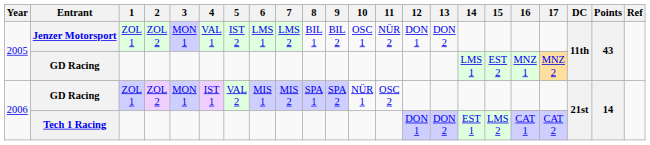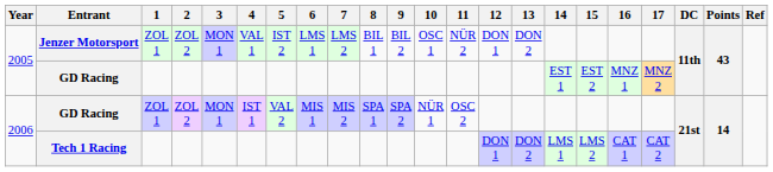 <table class="wikitable" style="text-align:center; font-size:85%">
 <tr>
 <th>Year</th>
 <th>Entrant</th>
 <th>1</th>
 <th>2</th>
 <th>3</th>
 <th>4</th>
 <th>5</th>
 <th>6</th>
 <th>7</th>
 <th>8</th>
 <th>9</th>
 <th>10</th>
 <th>11</th>
 <th>12</th>
 <th>13</th>
 <th>14</th>
 <th>15</th>
 <th>16</th>
 <th>17</th>
 <th>DC</th>
 <th>Points</th>
 <th>Ref</th>
 </tr>
 <tr>
 <td rowspan=2><a href='#'>2005</a></td>
 <th nowrap><a href='#'>Jenzer Motorsport</a></th>
 <td style="background:#DFFFDF;"><a href='#'>ZOL<br>1</a><br></td>
 <td style="background:#DFFFDF;"><a href='#'>ZOL<br>2</a><br></td>
 <td style="background:#CFCFFF;"><a href='#'>MON<br>1</a><br></td>
 <td style="background:#DFFFDF;"><a href='#'>VAL<br>1</a><br></td>
 <td style="background:#DFFFDF;"><a href='#'>IST<br>2</a><br></td>
 <td style="background:#DFFFDF;"><a href='#'>LMS<br>1</a><br></td>
 <td style="background:#DFFFDF;"><a href='#'>LMS<br>2</a><br></td>
 <td><a href='#'>BIL<br>1</a></td>
 <td><a href='#'>BIL<br>2</a></td>
 <td><a href='#'>OSC<br>1</a></td>
 <td><a href='#'>NÜR<br>2</a></td>
 <td><a href='#'>DON<br>1</a></td>
 <td><a href='#'>DON<br>2</a></td>
 <td></td>
 <td></td>
 <td></td>
 <td></td>
 <th rowspan=2>11th</th>
 <th rowspan=2>43</th>
 <td rowspan="2"></td>
 </tr>
 <tr>
 <th nowrap>GD Racing</th>
 <td></td>
 <td></td>
 <td></td>
 <td></td>
 <td></td>
 <td></td>
 <td></td>
 <td></td>
 <td></td>
 <td></td>
 <td></td>
 <td></td>
 <td></td>
-<td style="background:#DFFFDF;"><a href='#'>LMS<br>1</a><br></td>
+<td style="background:#DFFFDF;"><a href='#'>EST<br>1</a><br></td>
 <td style="background:#DFFFDF;"><a href='#'>EST<br>2</a><br></td>
 <td style="background:#DFFFDF;"><a href='#'>MNZ<br>1</a><br></td>
 <td style="background:#FFDF9F;"><a href='#'>MNZ<br>2</a><br></td>
 </tr>
 <tr>
 <td rowspan=2><a href='#'>2006</a></td>
 <th nowrap>GD Racing</th>
 <td style="background:#CFCFFF;"><a href='#'>ZOL<br>1</a><br></td>
 <td style="background:#EFCFFF;"><a href='#'>ZOL<br>2</a><br></td>
 <td style="background:#CFCFFF;"><a href='#'>MON<br>1</a><br></td>
 <td style="background:#EFCFFF;"><a href='#'>IST<br>1</a><br></td>
 <td style="background:#DFFFDF;"><a href='#'>VAL<br>2</a><br></td>
 <td style="background:#CFCFFF;"><a href='#'>MIS<br>1</a><br></td>
 <td style="background:#CFCFFF;"><a href='#'>MIS<br>2</a><br></td>
 <td style="background:#CFCFFF;"><a href='#'>SPA<br>1</a><br></td>
 <td style="background:#CFCFFF;"><a href='#'>SPA<br>2</a><br></td>
 <td><a href='#'>NÜR<br>1</a></td>
 <td><a href='#'>OSC<br>2</a></td>
 <td></td>
 <td></td>
 <td></td>
 <td></td>
 <td></td>
 <td></td>
 <th rowspan=2>21st</th>
 <th rowspan=2>14</th>
 <td rowspan="2"></td>
 </tr>
 <tr>
 <th nowrap><a href='#'>Tech 1 Racing</a></th>
 <td></td>
 <td></td>
 <td></td>
 <td></td>
 <td></td>
 <td></td>
 <td></td>
 <td></td>
 <td></td>
 <td></td>
 <td></td>
 <td style="background:#CFCFFF;"><a href='#'>DON<br>1</a><br></td>
 <td style="background:#CFCFFF;"><a href='#'>DON<br>2</a><br></td>
-<td style="background:#DFFFDF;"><a href='#'>EST<br>1</a><br></td>
+<td style="background:#DFFFDF;"><a href='#'>LMS<br>1</a><br></td>
 <td style="background:#DFFFDF;"><a href='#'>LMS<br>2</a><br></td>
 <td style="background:#CFCFFF;"><a href='#'>CAT<br>1</a><br></td>
 <td style="background:#CFCFFF;"><a href='#'>CAT<br>2</a><br></td>
 </tr>
 </table>
